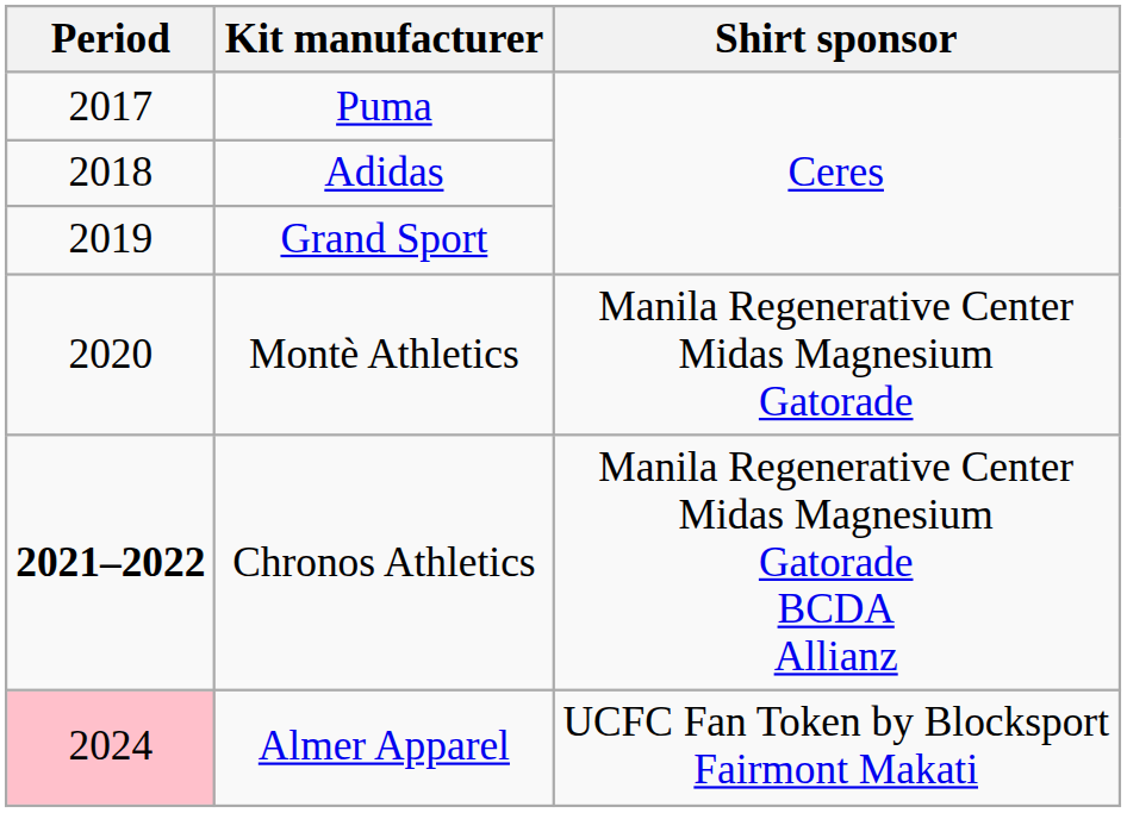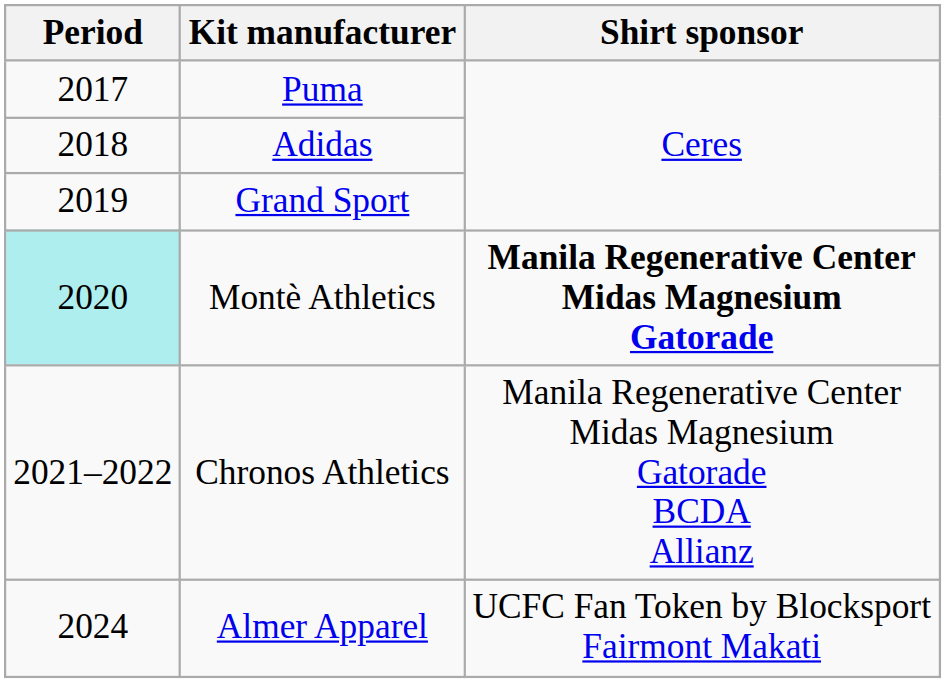 <table class="wikitable" style="text-align: center">
 <tr>
 <th>Period</th>
 <th>Kit manufacturer</th>
 <th>Shirt sponsor</th>
 </tr>
 <tr>
 <td>2017</td>
 <td><a href='#'>Puma</a></td>
 <td rowspan="3"><a href='#'>Ceres</a></td>
 </tr>
 <tr>
 <td>2018</td>
 <td><a href='#'>Adidas</a></td>
 </tr>
 <tr>
 <td>2019</td>
 <td><a href='#'>Grand Sport</a></td>
 </tr>
 <tr>
-<td>2020</td>
+<td style="background: paleturquoise;">2020</td>
 <td>Montè Athletics</td>
-<td>Manila Regenerative Center<br>Midas Magnesium<br><a href='#'>Gatorade</a></td>
+<td><strong>Manila Regenerative Center<br>Midas Magnesium<br><a href='#'>Gatorade</a></strong></td>
 </tr>
 <tr>
-<td><strong>2021–2022</strong></td>
+<td>2021–2022</td>
 <td>Chronos Athletics</td>
 <td>Manila Regenerative Center <br> Midas Magnesium <br> <a href='#'>Gatorade</a> <br> <a href='#'>BCDA</a> <br> <a href='#'>Allianz</a></td>
 </tr>
 <tr>
-<td style="background: pink;">2024</td>
+<td>2024</td>
 <td><a href='#'>Almer Apparel</a></td>
 <td>UCFC Fan Token by Blocksport <br> <a href='#'>Fairmont Makati</a></td>
 </tr>
 </table>
